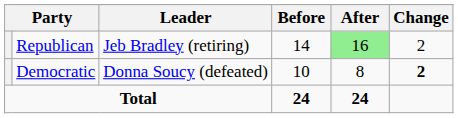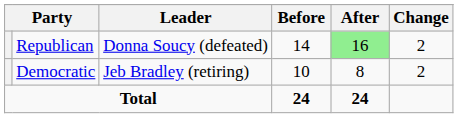 <table class="wikitable" style="text-align:center;">
 <tr>
 </tr>
 <tr>
 <th colspan="2">Party</th>
 <th>Leader</th>
 <th style="width:3em">Before</th>
 <th style="width:3em">After</th>
 <th style="width:3em">Change</th>
 </tr>
 <tr>
 <th style="background-color:"></th>
 <td style="text-align:left;"><a href='#'>Republican</a></td>
-<td style="text-align:left;"><a href='#'>Jeb Bradley</a> (retiring)</td>
+<td style="text-align:left;"><a href='#'>Donna Soucy</a> (defeated)</td>
 <td>14</td>
 <td style="background: lightgreen;">16</td>
 <td> 2</td>
 </tr>
 <tr>
 <th style="background-color:"></th>
 <td style="text-align:left;"><a href='#'>Democratic</a></td>
-<td style="text-align:left;"><a href='#'>Donna Soucy</a> (defeated)</td>
+<td style="text-align:left;"><a href='#'>Jeb Bradley</a> (retiring)</td>
 <td>10</td>
 <td>8</td>
-<td><strong> 2</strong></td>
+<td> 2</td>
 </tr>
 <tr>
 <td colspan="3"><strong>Total</strong></td>
 <td><strong>24</strong></td>
 <td><strong>24</strong></td>
 <td></td>
 </tr>
 </table>
